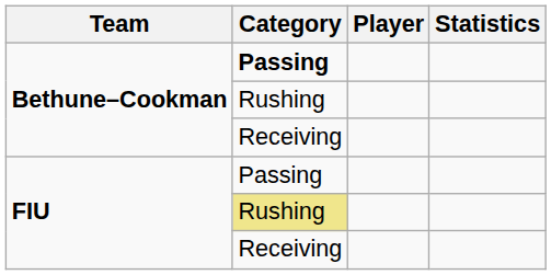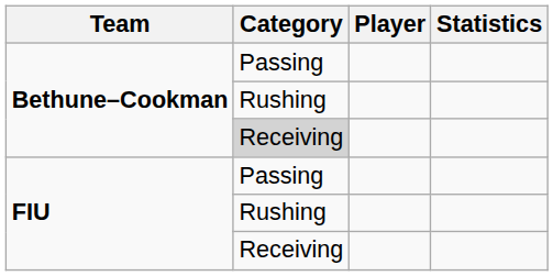 <table class="wikitable" style="float: right;">
 <tr>
 <th>Team</th>
 <th>Category</th>
 <th>Player</th>
 <th>Statistics</th>
 </tr>
 <tr>
 <td rowspan=3><strong>Bethune–Cookman</strong></td>
-<td><strong>Passing</strong></td>
+<td>Passing</td>
+<td></td>
+<td></td>
+</tr>
+<tr>
+<td>Rushing</td>
+<td></td>
+<td></td>
+</tr>
+<tr>
+<td style="background: lightgrey;">Receiving</td>
+<td></td>
+<td></td>
+</tr>
+<tr>
+<td rowspan=3><strong>FIU</strong></td>
+<td>Passing</td>
 <td></td>
 <td></td>
 </tr>
 <tr>
 <td>Rushing</td>
 <td></td>
 <td></td>
 </tr>
 <tr>
 <td>Receiving</td>
 <td></td>
 <td></td>
 </tr>
-<tr>
-<td rowspan=3><strong>FIU</strong></td>
-<td>Passing</td>
-<td></td>
-<td></td>
-</tr>
-<tr>
-<td style="background: khaki;">Rushing</td>
-<td></td>
-<td></td>
-</tr>
-<tr>
-<td>Receiving</td>
-<td></td>
-<td></td>
-</tr>
 </table>
